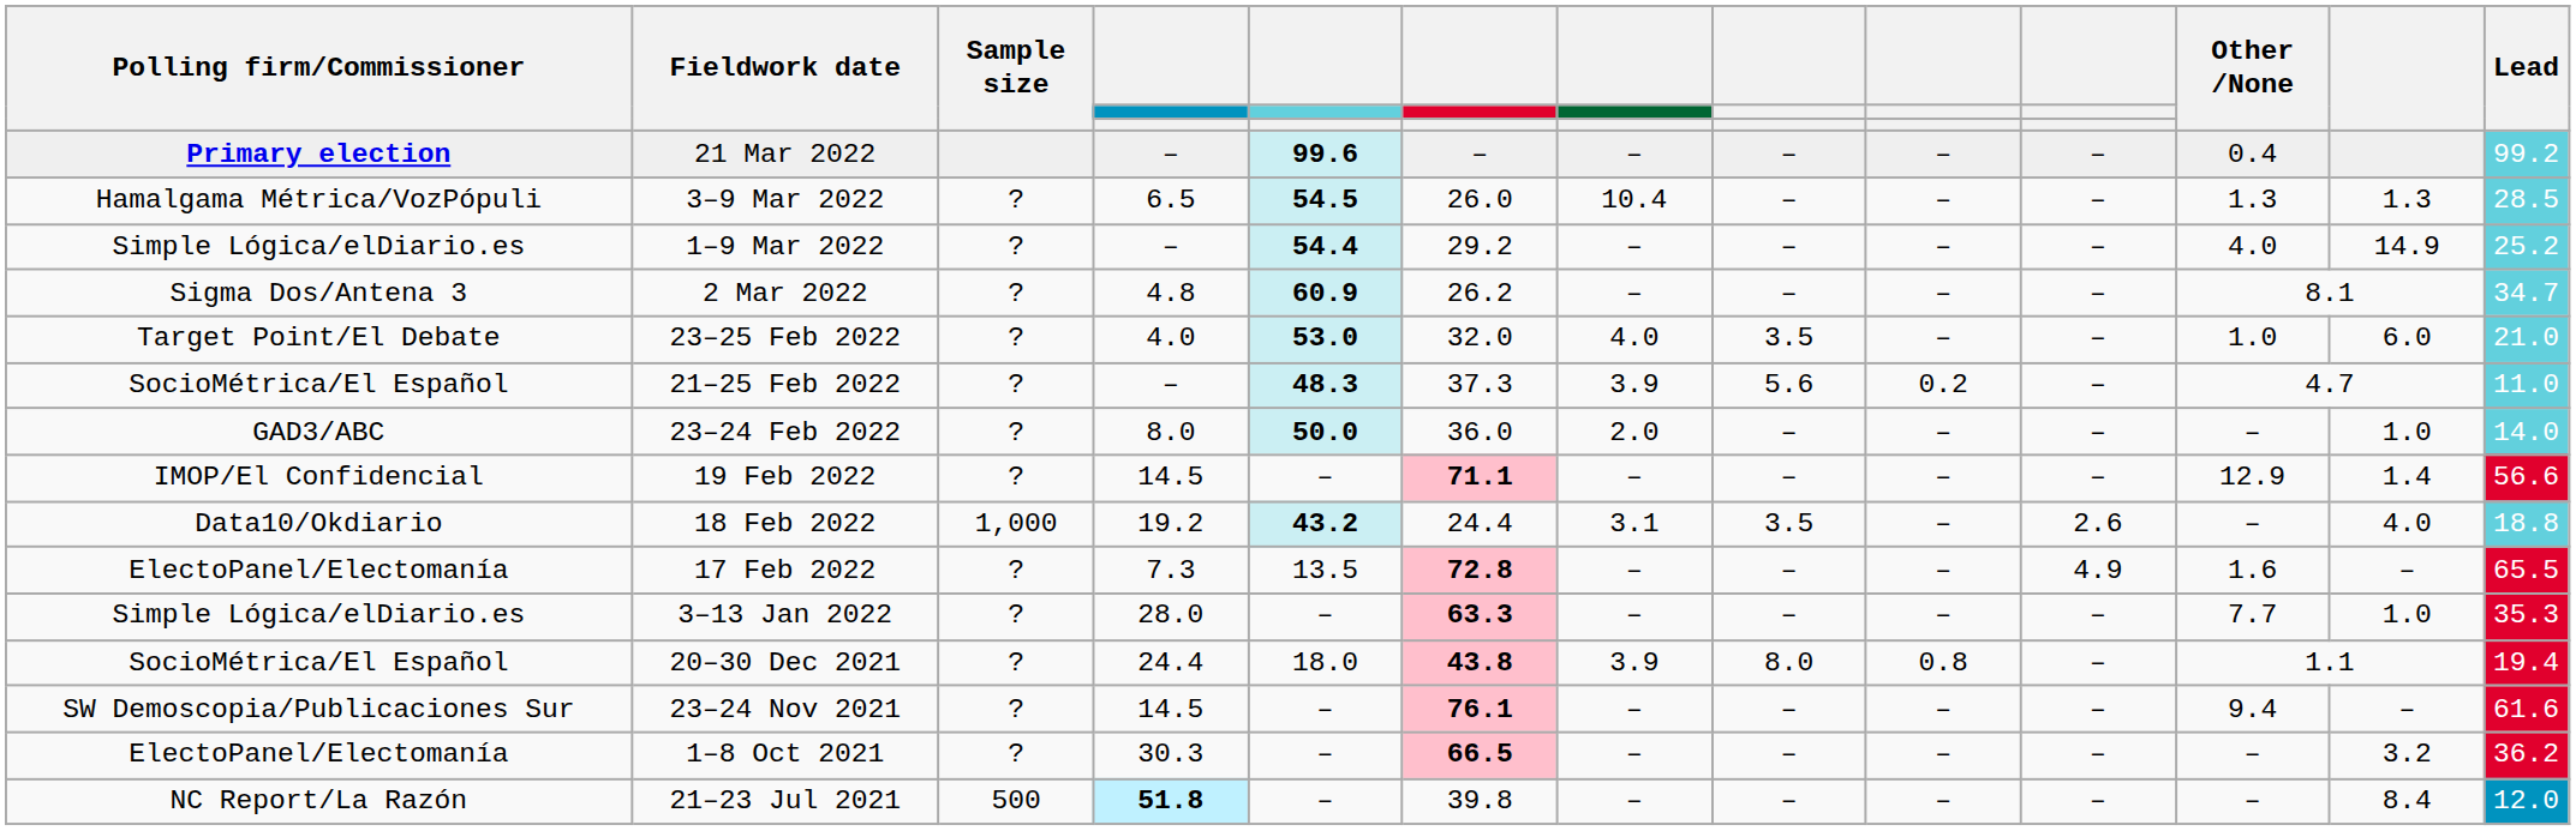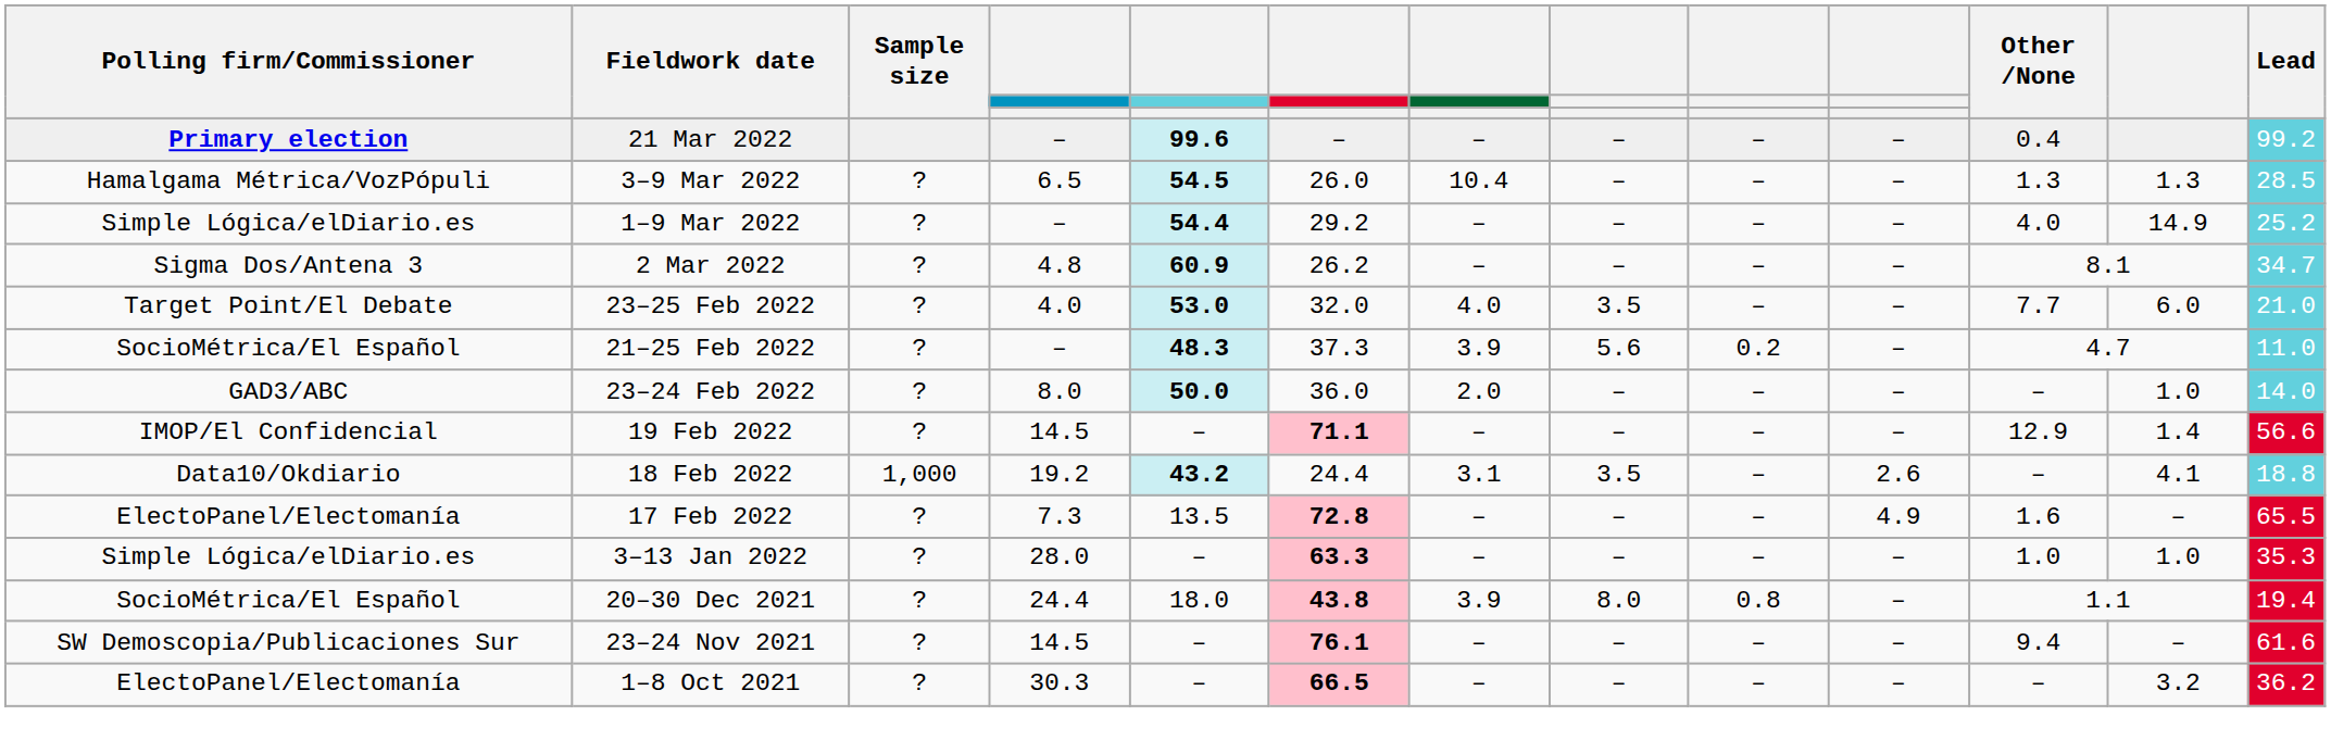 <table class="wikitable collapsible collapsed" style="text-align:center; font-size:90%; line-height:14px;">
 <tr style="height:42px;">
 <th style="width:260px;" rowspan="3">Polling firm/Commissioner</th>
 <th style="width:125px;" rowspan="3">Fieldwork date</th>
 <th style="width:60px;" rowspan="3">Sample size</th>
 <th style="width:60px;"></th>
 <th style="width:60px;"></th>
 <th style="width:60px;"></th>
 <th style="width:60px;"></th>
 <th style="width:60px;"></th>
 <th style="width:60px;"></th>
 <th style="width:60px;"></th>
 <th style="width:60px;" rowspan="3">Other<br>/None</th>
 <th style="width:60px;" rowspan="3"></th>
 <th style="width:30px;" rowspan="3">Lead</th>
 </tr>
 <tr>
 <th style="color:inherit;background:#0093BF;"></th>
 <th style="color:inherit;background:#62D0DD;"></th>
 <th style="color:inherit;background:#E1002D;"></th>
 <th style="color:inherit;background:#006633;"></th>
 <th style="color:inherit;background:"></th>
 <th style="color:inherit;background:"></th>
 <th style="color:inherit;background:"></th>
 </tr>
 <tr>
 <th></th>
 <th></th>
 <th></th>
 <th></th>
 <th></th>
 <th></th>
 <th></th>
 </tr>
 <tr style="color:inherit;background:#EFEFEF;">
 <td><strong><a href='#'>Primary election</a></strong></td>
 <td>21 Mar 2022</td>
 <td></td>
 <td>–</td>
 <td style="color:inherit;background:#CBEFF3;"><strong>99.6</strong></td>
 <td>–</td>
 <td>–</td>
 <td>–</td>
 <td>–</td>
 <td>–</td>
 <td>0.4</td>
 <td></td>
 <td style="color:inherit;background:#62D0DD; color:white;">99.2</td>
 </tr>
 <tr>
 <td>Hamalgama Métrica/VozPópuli</td>
 <td>3–9 Mar 2022</td>
 <td>?</td>
 <td>6.5</td>
 <td style="color:inherit;background:#CBEFF3;"><strong>54.5</strong></td>
 <td>26.0</td>
 <td>10.4</td>
 <td>–</td>
 <td>–</td>
 <td>–</td>
 <td>1.3</td>
 <td>1.3</td>
 <td style="color:inherit;background:#62D0DD; color:white;">28.5</td>
 </tr>
 <tr>
 <td>Simple Lógica/elDiario.es</td>
 <td>1–9 Mar 2022</td>
 <td>?</td>
 <td>–</td>
 <td style="color:inherit;background:#CBEFF3;"><strong>54.4</strong></td>
 <td>29.2</td>
 <td>–</td>
 <td>–</td>
 <td>–</td>
 <td>–</td>
 <td>4.0</td>
 <td>14.9</td>
 <td style="color:inherit;background:#62D0DD; color:white;">25.2</td>
 </tr>
 <tr>
 <td>Sigma Dos/Antena 3</td>
 <td>2 Mar 2022</td>
 <td>?</td>
 <td>4.8</td>
 <td style="color:inherit;background:#CBEFF3;"><strong>60.9</strong></td>
 <td>26.2</td>
 <td>–</td>
 <td>–</td>
 <td>–</td>
 <td>–</td>
 <td colspan="2">8.1</td>
 <td style="color:inherit;background:#62D0DD; color:white;">34.7</td>
 </tr>
 <tr>
 <td>Target Point/El Debate</td>
 <td>23–25 Feb 2022</td>
 <td>?</td>
 <td>4.0</td>
 <td style="color:inherit;background:#CBEFF3;"><strong>53.0</strong></td>
 <td>32.0</td>
 <td>4.0</td>
 <td>3.5</td>
 <td>–</td>
 <td>–</td>
-<td>1.0</td>
+<td>7.7</td>
 <td>6.0</td>
 <td style="color:inherit;background:#62D0DD; color:white;">21.0</td>
 </tr>
 <tr>
 <td>SocioMétrica/El Español</td>
 <td>21–25 Feb 2022</td>
 <td>?</td>
 <td>–</td>
 <td style="color:inherit;background:#CBEFF3;"><strong>48.3</strong></td>
 <td>37.3</td>
 <td>3.9</td>
 <td>5.6</td>
 <td>0.2</td>
 <td>–</td>
 <td colspan="2">4.7</td>
 <td style="color:inherit;background:#62D0DD; color:white;">11.0</td>
 </tr>
 <tr>
 <td>GAD3/ABC</td>
 <td>23–24 Feb 2022</td>
 <td>?</td>
 <td>8.0</td>
 <td style="color:inherit;background:#CBEFF3;"><strong>50.0</strong></td>
 <td>36.0</td>
 <td>2.0</td>
 <td>–</td>
 <td>–</td>
 <td>–</td>
 <td>–</td>
 <td>1.0</td>
 <td style="color:inherit;background:#62D0DD; color:white;">14.0</td>
 </tr>
 <tr>
 <td>IMOP/El Confidencial</td>
 <td>19 Feb 2022</td>
 <td>?</td>
 <td>14.5</td>
 <td>–</td>
 <td style="color:inherit;background:#FFBFCC;"><strong>71.1</strong></td>
 <td>–</td>
 <td>–</td>
 <td>–</td>
 <td>–</td>
 <td>12.9</td>
 <td>1.4</td>
 <td style="color:inherit;background:#E1002D; color:white;">56.6</td>
 </tr>
 <tr>
 <td>Data10/Okdiario</td>
 <td>18 Feb 2022</td>
 <td>1,000</td>
 <td>19.2</td>
 <td style="color:inherit;background:#CBEFF3;"><strong>43.2</strong></td>
 <td>24.4</td>
 <td>3.1</td>
 <td>3.5</td>
 <td>–</td>
 <td>2.6</td>
 <td>–</td>
-<td>4.0</td>
+<td>4.1</td>
 <td style="color:inherit;background:#62D0DD; color:white;">18.8</td>
 </tr>
 <tr>
 <td>ElectoPanel/Electomanía</td>
 <td>17 Feb 2022</td>
 <td>?</td>
 <td>7.3</td>
 <td>13.5</td>
 <td style="color:inherit;background:#FFBFCC;"><strong>72.8</strong></td>
 <td>–</td>
 <td>–</td>
 <td>–</td>
 <td>4.9</td>
 <td>1.6</td>
 <td>–</td>
 <td style="color:inherit;background:#E1002D; color:white;">65.5</td>
 </tr>
 <tr>
 <td>Simple Lógica/elDiario.es</td>
 <td>3–13 Jan 2022</td>
 <td>?</td>
 <td>28.0</td>
 <td>–</td>
 <td style="color:inherit;background:#FFBFCC;"><strong>63.3</strong></td>
 <td>–</td>
 <td>–</td>
 <td>–</td>
 <td>–</td>
-<td>7.7</td>
+<td>1.0</td>
 <td>1.0</td>
 <td style="color:inherit;background:#E1002D; color:white;">35.3</td>
 </tr>
 <tr>
 <td>SocioMétrica/El Español</td>
 <td>20–30 Dec 2021</td>
 <td>?</td>
 <td>24.4</td>
 <td>18.0</td>
 <td style="color:inherit;background:#FFBFCC;"><strong>43.8</strong></td>
 <td>3.9</td>
 <td>8.0</td>
 <td>0.8</td>
 <td>–</td>
 <td colspan="2">1.1</td>
 <td style="color:inherit;background:#E1002D; color:white;">19.4</td>
 </tr>
 <tr>
 <td>SW Demoscopia/Publicaciones Sur</td>
 <td>23–24 Nov 2021</td>
 <td>?</td>
 <td>14.5</td>
 <td>–</td>
 <td style="color:inherit;background:#FFBFCC;"><strong>76.1</strong></td>
 <td>–</td>
 <td>–</td>
 <td>–</td>
 <td>–</td>
 <td>9.4</td>
 <td>–</td>
 <td style="color:inherit;background:#E1002D; color:white;">61.6</td>
 </tr>
 <tr>
 <td>ElectoPanel/Electomanía</td>
 <td>1–8 Oct 2021</td>
 <td>?</td>
 <td>30.3</td>
 <td>–</td>
 <td style="color:inherit;background:#FFBFCC;"><strong>66.5</strong></td>
 <td>–</td>
 <td>–</td>
 <td>–</td>
 <td>–</td>
 <td>–</td>
 <td>3.2</td>
 <td style="color:inherit;background:#E1002D; color:white;">36.2</td>
 </tr>
-<tr>
-<td>NC Report/La Razón</td>
-<td>21–23 Jul 2021</td>
-<td>500</td>
-<td style="color:inherit;background:#BFF1FF;"><strong>51.8</strong></td>
-<td>–</td>
-<td>39.8</td>
-<td>–</td>
-<td>–</td>
-<td>–</td>
-<td>–</td>
-<td>–</td>
-<td>8.4</td>
-<td style="color:inherit;background:#0093BF; color:white;">12.0</td>
-</tr>
 </table>
